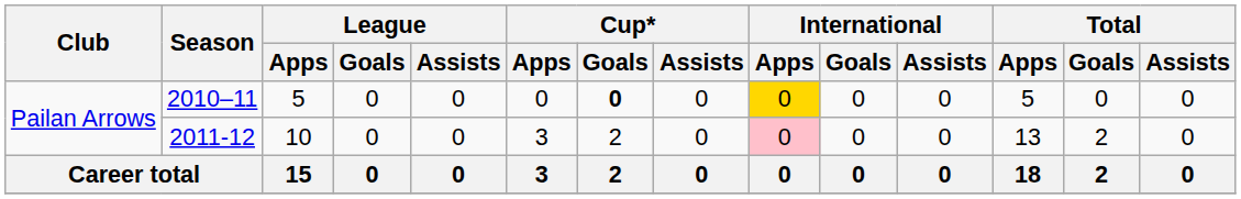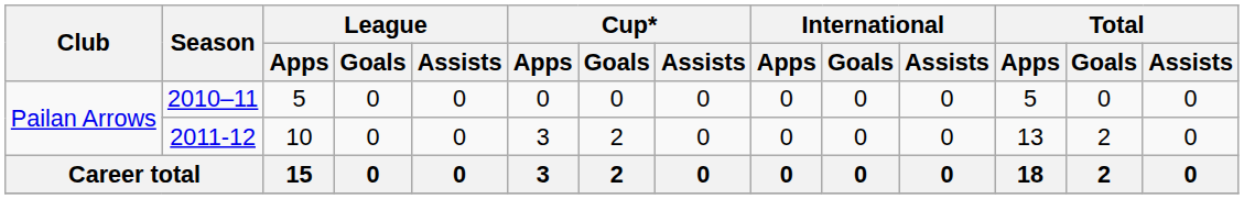 <table class="wikitable" style="font-size:90%; text-align:center;">
 <tr>
 <th rowspan="2">Club</th>
 <th rowspan="2">Season</th>
 <th colspan="3">League</th>
 <th colspan="3">Cup*</th>
 <th colspan="3">International</th>
 <th colspan="3">Total</th>
 </tr>
 <tr>
 <th>Apps</th>
 <th>Goals</th>
 <th>Assists</th>
 <th>Apps</th>
 <th>Goals</th>
 <th>Assists</th>
 <th>Apps</th>
 <th>Goals</th>
 <th>Assists</th>
 <th>Apps</th>
 <th>Goals</th>
 <th>Assists</th>
 </tr>
 <tr>
 <td rowspan="2" valign="center"><a href='#'>Pailan Arrows</a></td>
 <td><a href='#'>2010–11</a></td>
 <td>5</td>
 <td>0</td>
 <td>0</td>
 <td>0</td>
-<td><strong>0</strong></td>
 <td>0</td>
-<td style="background: gold;">0</td>
+<td>0</td>
+<td>0</td>
 <td>0</td>
 <td>0</td>
 <td>5</td>
 <td>0</td>
 <td>0</td>
 </tr>
 <tr>
 <td><a href='#'>2011-12</a></td>
 <td>10</td>
 <td>0</td>
 <td>0</td>
 <td>3</td>
 <td>2</td>
 <td>0</td>
-<td style="background: pink;">0</td>
+<td>0</td>
 <td>0</td>
 <td>0</td>
 <td>13</td>
 <td>2</td>
 <td>0</td>
 </tr>
 <tr>
 <th colspan="2">Career total</th>
 <th>15</th>
 <th>0</th>
 <th>0</th>
 <th>3</th>
 <th>2</th>
 <th>0</th>
 <th>0</th>
 <th>0</th>
 <th>0</th>
 <th>18</th>
 <th>2</th>
 <th>0</th>
 </tr>
 <tr>
 </tr>
 </table>
